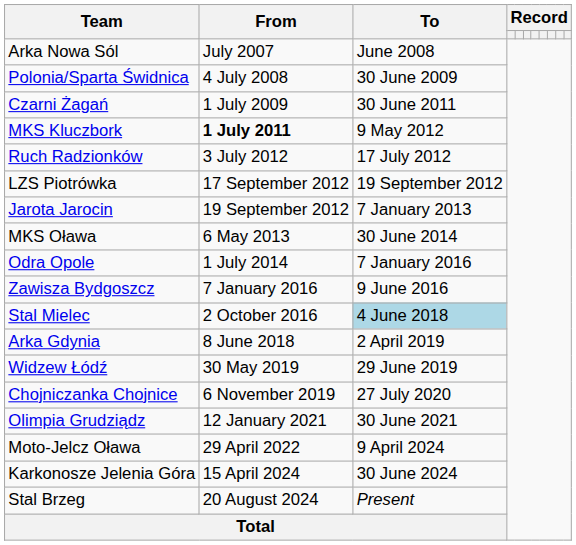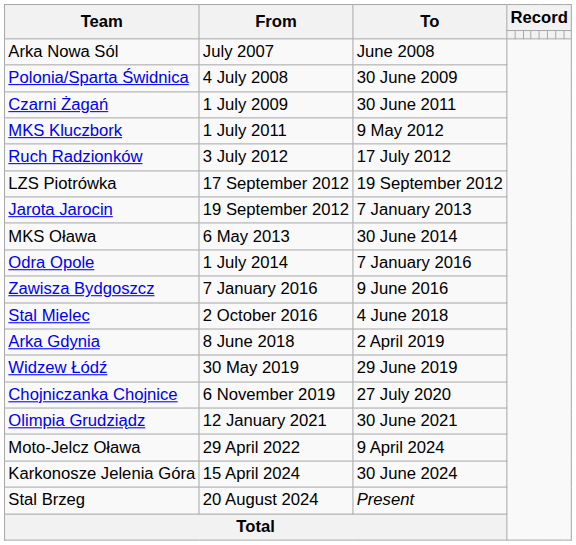 <table class="wikitable" style="text-align: center;">
 <tr>
 <th rowspan="2">Team</th>
 <th rowspan="2">From</th>
 <th rowspan="2">To</th>
 <th colspan="8">Record</th>
 </tr>
 <tr>
 <th></th>
 <th></th>
 <th></th>
 <th></th>
 <th></th>
 <th></th>
 <th></th>
 <th></th>
 </tr>
 <tr>
 <td align=left>Arka Nowa Sól</td>
 <td align=left>July 2007</td>
 <td align=left>June 2008<br></td>
 </tr>
 <tr>
 <td align=left><a href='#'>Polonia/Sparta Świdnica</a></td>
 <td align=left>4 July 2008</td>
 <td align=left>30 June 2009<br></td>
 </tr>
 <tr>
 <td align=left><a href='#'>Czarni Żagań</a></td>
 <td align=left>1 July 2009</td>
 <td align=left>30 June 2011<br></td>
 </tr>
 <tr>
 <td align=left><a href='#'>MKS Kluczbork</a></td>
-<td align=left><strong>1 July 2011</strong></td>
+<td align=left>1 July 2011</td>
 <td align=left>9 May 2012<br></td>
 </tr>
 <tr>
 <td align=left><a href='#'>Ruch Radzionków</a></td>
 <td align=left>3 July 2012</td>
 <td align=left>17 July 2012<br></td>
 </tr>
 <tr>
 <td align=left>LZS Piotrówka</td>
 <td align=left>17 September 2012</td>
 <td align=left>19 September 2012<br></td>
 </tr>
 <tr>
 <td align=left><a href='#'>Jarota Jarocin</a></td>
 <td align=left>19 September 2012</td>
 <td align=left>7 January 2013<br></td>
 </tr>
 <tr>
 <td align=left>MKS Oława</td>
 <td align=left>6 May 2013</td>
 <td align=left>30 June 2014<br></td>
 </tr>
 <tr>
 <td align=left><a href='#'>Odra Opole</a></td>
 <td align=left>1 July 2014</td>
 <td align=left>7 January 2016<br></td>
 </tr>
 <tr>
 <td align=left><a href='#'>Zawisza Bydgoszcz</a></td>
 <td align=left>7 January 2016</td>
 <td align=left>9 June 2016<br></td>
 </tr>
 <tr>
 <td align=left><a href='#'>Stal Mielec</a></td>
 <td align=left>2 October 2016</td>
-<td align=left style="background: lightblue;">4 June 2018<br></td>
+<td align=left>4 June 2018<br></td>
 </tr>
 <tr>
 <td align=left><a href='#'>Arka Gdynia</a></td>
 <td align=left>8 June 2018</td>
 <td align=left>2 April 2019<br></td>
 </tr>
 <tr>
 <td align=left><a href='#'>Widzew Łódź</a></td>
 <td align=left>30 May 2019</td>
 <td align=left>29 June 2019<br></td>
 </tr>
 <tr>
 <td align=left><a href='#'>Chojniczanka Chojnice</a></td>
 <td align=left>6 November 2019</td>
 <td align=left>27 July 2020<br></td>
 </tr>
 <tr>
 <td align=left><a href='#'>Olimpia Grudziądz</a></td>
 <td align=left>12 January 2021</td>
 <td align=left>30 June 2021<br></td>
 </tr>
 <tr>
 <td align=left>Moto-Jelcz Oława</td>
 <td align=left>29 April 2022</td>
 <td align=left>9 April 2024<br></td>
 </tr>
 <tr>
 <td align=left>Karkonosze Jelenia Góra</td>
 <td align=left>15 April 2024</td>
 <td align=left>30 June 2024<br></td>
 </tr>
 <tr>
 <td align=left>Stal Brzeg</td>
 <td align=left>20 August 2024</td>
 <td align=left><em>Present</em><br></td>
 </tr>
 <tr>
 <th colspan="3">Total<br></th>
 </tr>
 </table>
